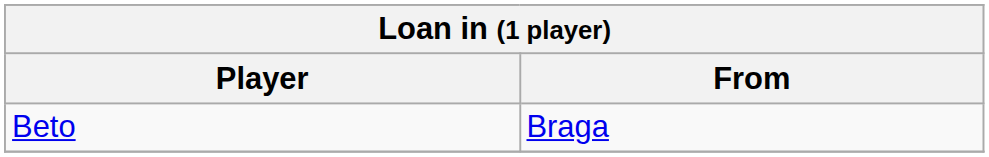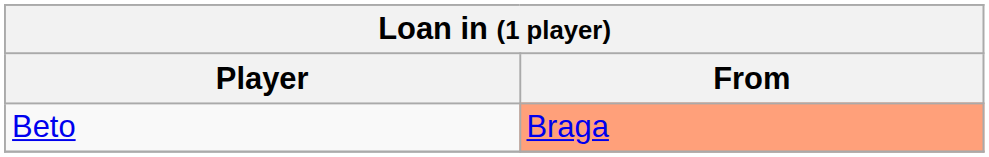 <table class="wikitable collapsible collapsed">
 <tr>
 <th colspan="2" width="500"> <strong>Loan in</strong> <small>(1 player)</small></th>
 </tr>
 <tr>
 <th>Player</th>
 <th>From</th>
 </tr>
 <tr>
 <td> <a href='#'>Beto</a></td>
-<td> <a href='#'>Braga</a></td>
+<td style="background: lightsalmon;"> <a href='#'>Braga</a></td>
 </tr>
 <tr>
 </tr>
 </table>
